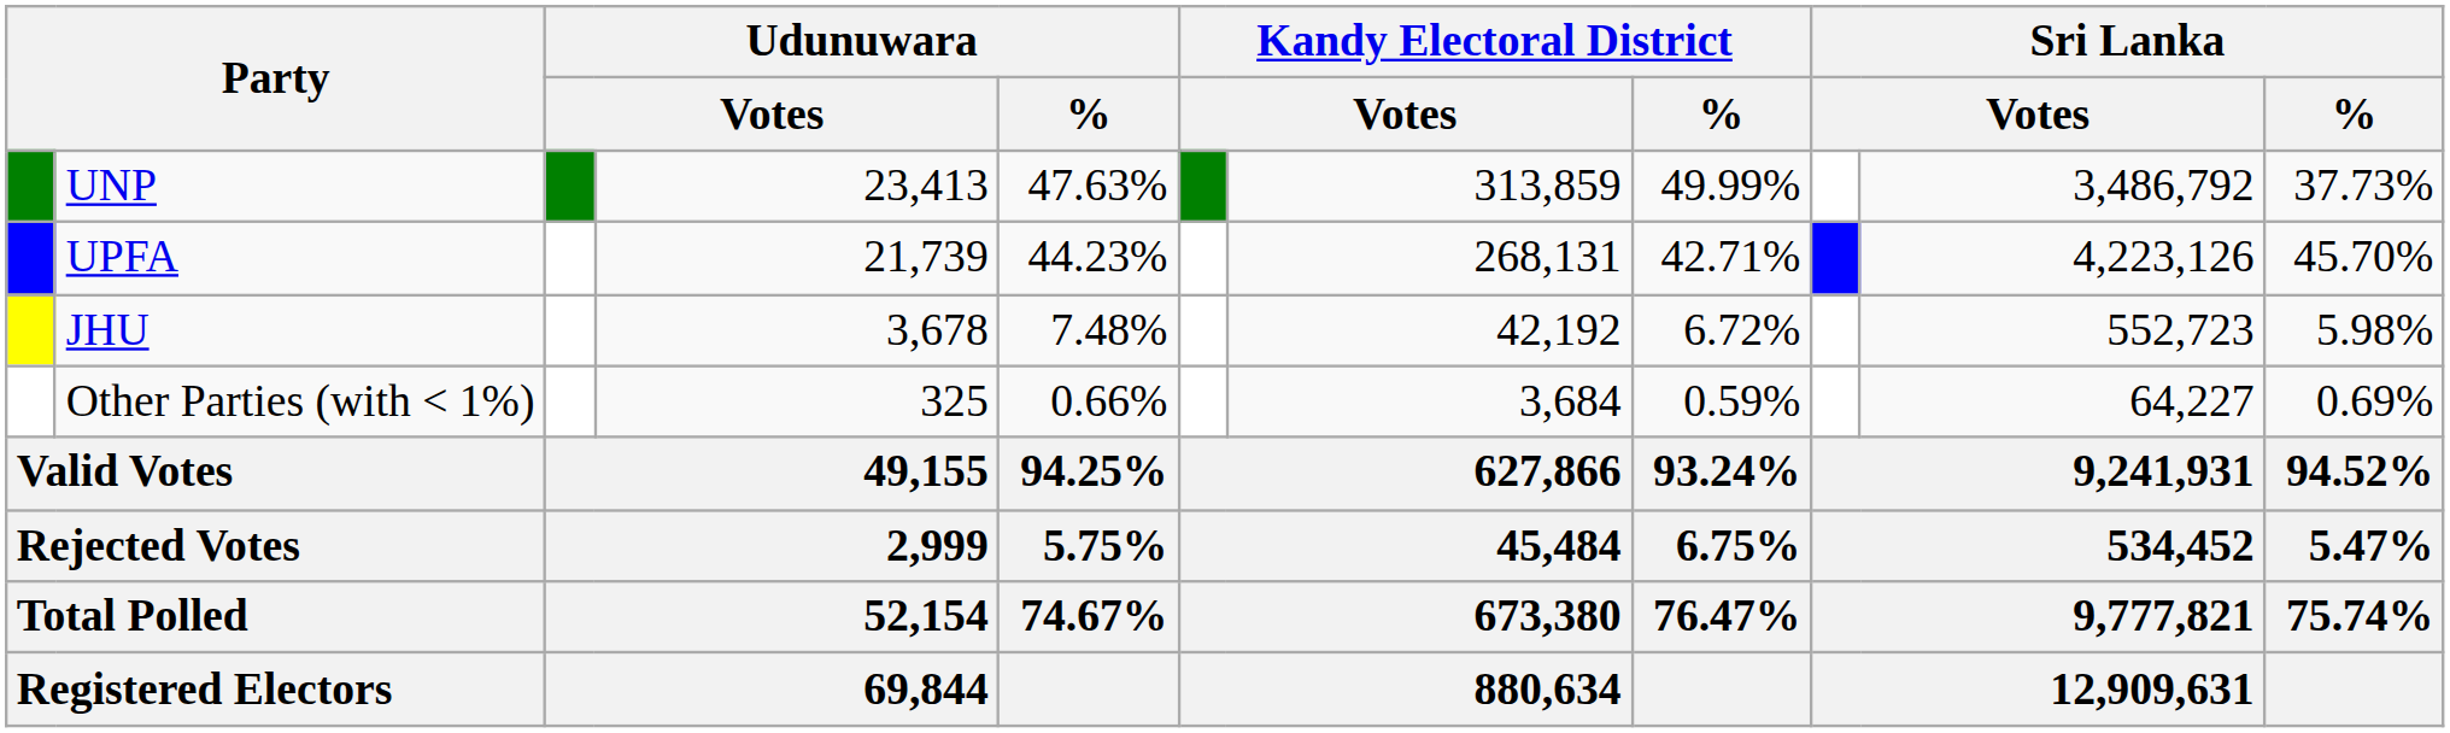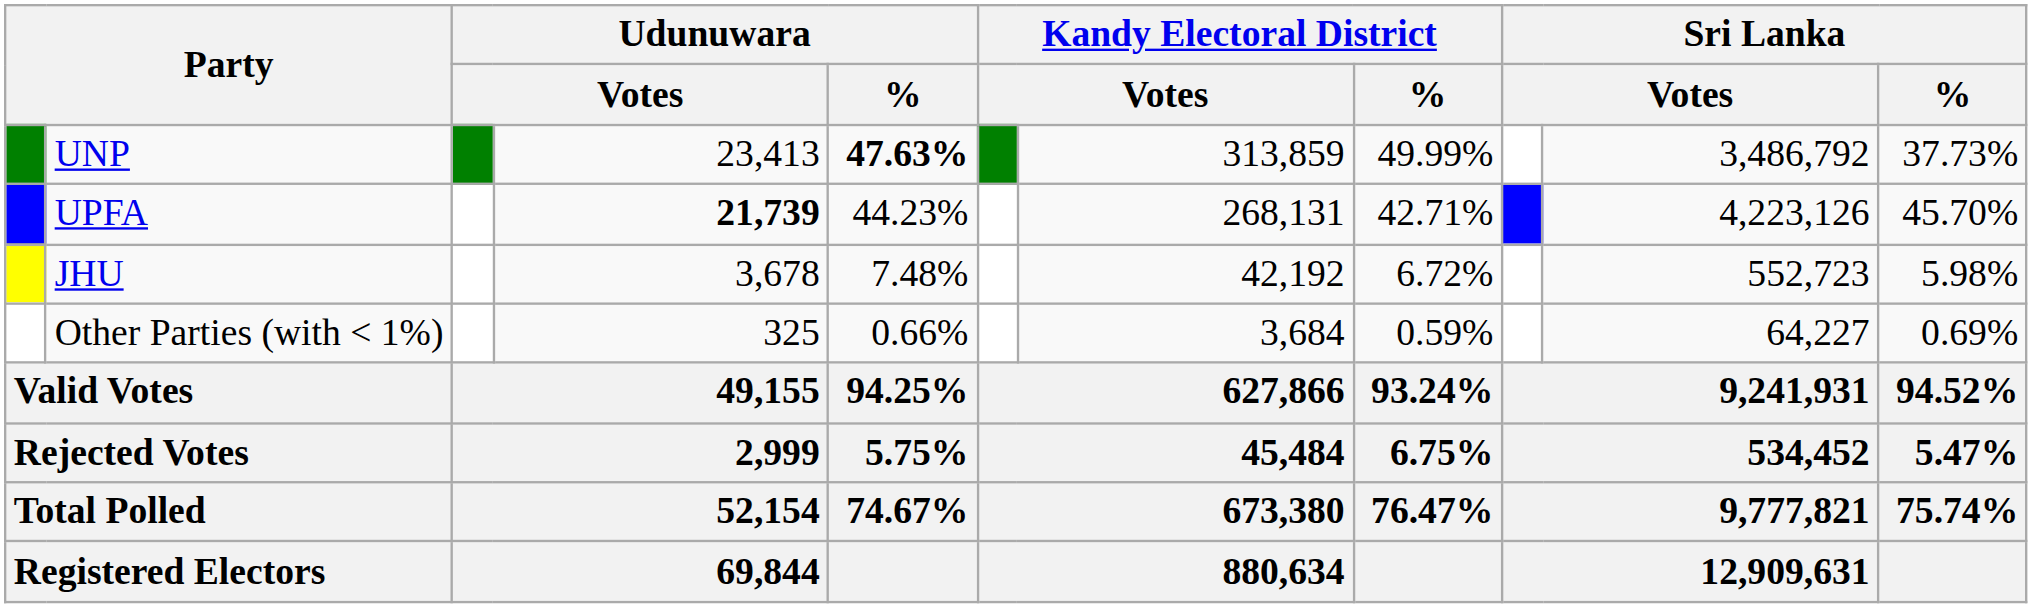 <table class="wikitable">
 <tr>
 <th colspan="2" width="144px"rowspan="2">Party</th>
 <th colspan="3" width="216px">Udunuwara</th>
 <th colspan="3" width="216px"><a href='#'>Kandy Electoral District</a></th>
 <th colspan="3" width="216px">Sri Lanka</th>
 </tr>
 <tr>
 <th colspan="2" width="144px">Votes</th>
 <th>%</th>
 <th colspan="2" width="144px">Votes</th>
 <th>%</th>
 <th colspan="2" width="144px">Votes</th>
 <th>%</th>
 </tr>
 <tr>
 <td style="background-color:green;" width="10px"></td>
 <td style="text-align:left;"><a href='#'>UNP</a></td>
 <td style="background-color:green;" width="10px"></td>
 <td style="text-align:right;">23,413</td>
-<td style="text-align:right;">47.63%</td>
+<td style="text-align:right;"><strong>47.63%</strong></td>
 <td style="background-color:green;" width="10px"></td>
 <td style="text-align:right;">313,859</td>
 <td style="text-align:right;">49.99%</td>
 <td style="background-color:white;" width="10px"></td>
 <td style="text-align:right;">3,486,792</td>
 <td style="text-align:right;">37.73%</td>
 </tr>
 <tr>
 <td style="background-color:blue;" width="10px"></td>
 <td style="text-align:left;"><a href='#'>UPFA</a></td>
 <td style="background-color:white;" width="10px"></td>
-<td style="text-align:right;">21,739</td>
+<td style="text-align:right;"><strong>21,739</strong></td>
 <td style="text-align:right;">44.23%</td>
 <td style="background-color:white;" width="10px"></td>
 <td style="text-align:right;">268,131</td>
 <td style="text-align:right;">42.71%</td>
 <td style="background-color:blue;" width="10px"></td>
 <td style="text-align:right;">4,223,126</td>
 <td style="text-align:right;">45.70%</td>
 </tr>
 <tr>
 <td style="background-color:yellow;" width="10px"></td>
 <td style="text-align:left;"><a href='#'>JHU</a></td>
 <td style="background-color:white;" width="10px"></td>
 <td style="text-align:right;">3,678</td>
 <td style="text-align:right;">7.48%</td>
 <td style="background-color:white;" width="10px"></td>
 <td style="text-align:right;">42,192</td>
 <td style="text-align:right;">6.72%</td>
 <td style="background-color:white;" width="10px"></td>
 <td style="text-align:right;">552,723</td>
 <td style="text-align:right;">5.98%</td>
 </tr>
 <tr>
 <td style="background-color:white;" width="10px"></td>
 <td style="text-align:left;">Other Parties (with < 1%)</td>
 <td style="background-color:white;" width="10px"></td>
 <td style="text-align:right;">325</td>
 <td style="text-align:right;">0.66%</td>
 <td style="background-color:white;" width="10px"></td>
 <td style="text-align:right;">3,684</td>
 <td style="text-align:right;">0.59%</td>
 <td style="background-color:white;" width="10px"></td>
 <td style="text-align:right;">64,227</td>
 <td style="text-align:right;">0.69%</td>
 </tr>
 <tr>
 <th colspan="2" width="144px"style="text-align:left;">Valid Votes</th>
 <th style="text-align:right;"colspan="2" width="144px">49,155</th>
 <th style="text-align:right;">94.25%</th>
 <th style="text-align:right;"colspan="2" width="144px">627,866</th>
 <th style="text-align:right;">93.24%</th>
 <th style="text-align:right;"colspan="2" width="144px">9,241,931</th>
 <th style="text-align:right;">94.52%</th>
 </tr>
 <tr>
 <th colspan="2" width="144px"style="text-align:left;">Rejected Votes</th>
 <th style="text-align:right;"colspan="2" width="144px">2,999</th>
 <th style="text-align:right;">5.75%</th>
 <th style="text-align:right;"colspan="2" width="144px">45,484</th>
 <th style="text-align:right;">6.75%</th>
 <th style="text-align:right;"colspan="2" width="144px">534,452</th>
 <th style="text-align:right;">5.47%</th>
 </tr>
 <tr>
 <th colspan="2" width="144px"style="text-align:left;">Total Polled</th>
 <th style="text-align:right;"colspan="2" width="144px">52,154</th>
 <th style="text-align:right;">74.67%</th>
 <th style="text-align:right;"colspan="2" width="144px">673,380</th>
 <th style="text-align:right;">76.47%</th>
 <th style="text-align:right;"colspan="2" width="144px">9,777,821</th>
 <th style="text-align:right;">75.74%</th>
 </tr>
 <tr>
 <th colspan="2" width="144px"style="text-align:left;">Registered Electors</th>
 <th style="text-align:right;"colspan="2" width="144px">69,844</th>
 <th></th>
 <th style="text-align:right;"colspan="2" width="144px">880,634</th>
 <th></th>
 <th style="text-align:right;"colspan="2" width="144px">12,909,631</th>
 <th></th>
 </tr>
 </table>
